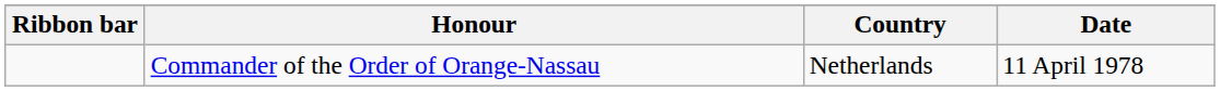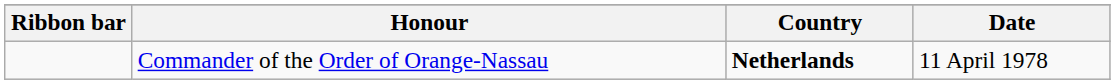 <table class="wikitable" style="width:60%;">
 <tr style="background:#ccf; text-align:center;">
 </tr>
 <tr>
 <th style="width:80px;">Ribbon bar</th>
 <th>Honour</th>
 <th>Country</th>
 <th>Date</th>
 </tr>
 <tr>
 <td></td>
 <td><a href='#'>Commander</a> of the <a href='#'>Order of Orange-Nassau</a></td>
-<td>Netherlands</td>
+<td><strong>Netherlands</strong></td>
 <td>11 April 1978</td>
 </tr>
 </table>
